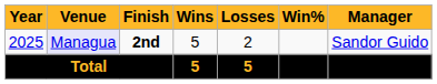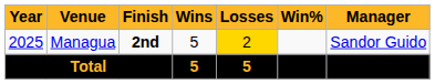 <table class="wikitable sortable plainrowheaders" style="text-align:center;">
 <tr>
 <th scope="col" style="background-color:#FDB827; color:#000000;">Year</th>
 <th scope="col" style="background-color:#FDB827; color:#000000;">Venue</th>
 <th scope="col" style="background-color:#FDB827; color:#000000;">Finish</th>
 <th scope="col" style="background-color:#FDB827; color:#000000;">Wins</th>
 <th scope="col" style="background-color:#FDB827; color:#000000;">Losses</th>
 <th scope="col" style="background-color:#FDB827; color:#000000;">Win%</th>
 <th scope="col" style="background-color:#FDB827; color:#000000;">Manager</th>
 </tr>
 <tr>
 <td><a href='#'>2025</a></td>
-<td align=left style="background: lavender;"> <a href='#'>Managua</a></td>
+<td align=left> <a href='#'>Managua</a></td>
 <td><strong>2nd</strong></td>
 <td>5</td>
-<td>2</td>
+<td style="background: gold;">2</td>
 <td></td>
 <td align=left> <a href='#'>Sandor Guido</a></td>
 </tr>
 <tr style="text-align:center; background-color:#000000; color:#FDB827;">
 <td colspan="3"><strong>Total</strong></td>
 <td><strong>5</strong></td>
 <td><strong>5</strong></td>
 <td><strong></strong></td>
 <td></td>
 </tr>
 </table>
